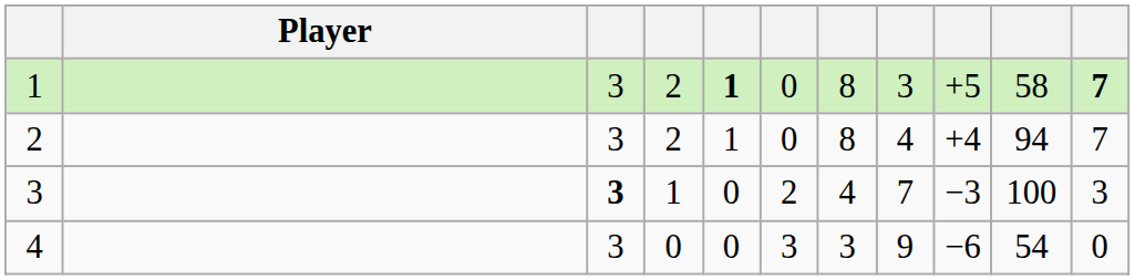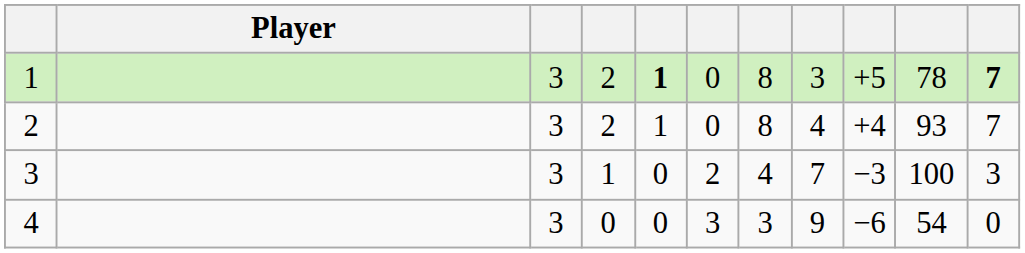 <table class="wikitable" style="text-align:center; margin: 1em auto 1em auto, align:left">
 <tr>
 <th width=20></th>
 <th width=240>Player</th>
 <th width=20></th>
 <th width=20></th>
 <th width=20></th>
 <th width=20></th>
 <th width=20></th>
 <th width=20></th>
 <th width=20></th>
 <th width=30></th>
 <th width=20></th>
 </tr>
 <tr style="background:#D0F0C0;">
 <td>1</td>
 <td align=left></td>
 <td>3</td>
 <td>2</td>
 <td><strong>1</strong></td>
 <td>0</td>
 <td>8</td>
 <td>3</td>
 <td>+5</td>
-<td>58</td>
+<td>78</td>
 <td><strong>7</strong></td>
 </tr>
 <tr style=>
 <td>2</td>
 <td align=left></td>
 <td>3</td>
 <td>2</td>
 <td>1</td>
 <td>0</td>
 <td>8</td>
 <td>4</td>
 <td>+4</td>
-<td>94</td>
+<td>93</td>
 <td>7</td>
 </tr>
 <tr style=>
 <td>3</td>
 <td align=left></td>
-<td><strong>3</strong></td>
+<td>3</td>
 <td>1</td>
 <td>0</td>
 <td>2</td>
 <td>4</td>
 <td>7</td>
 <td>−3</td>
 <td>100</td>
 <td>3</td>
 </tr>
 <tr style=>
 <td>4</td>
 <td align=left></td>
 <td>3</td>
 <td>0</td>
 <td>0</td>
 <td>3</td>
 <td>3</td>
 <td>9</td>
 <td>−6</td>
 <td>54</td>
 <td>0</td>
 </tr>
 </table>
